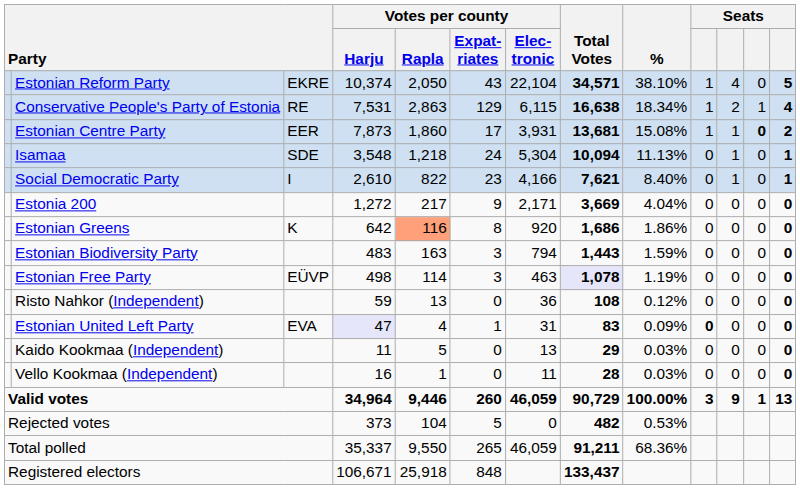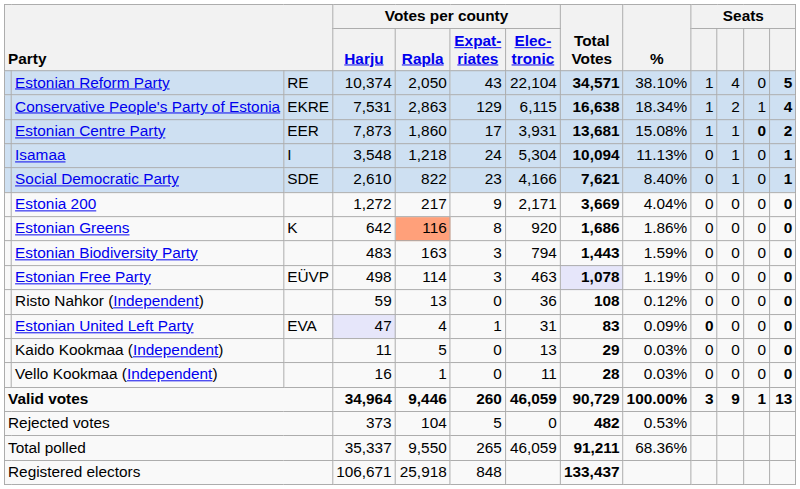 <table class="wikitable" border="1" style="text-align:right;">
 <tr>
 <th style="text-align:left;" valign=bottom rowspan=2 colspan=3>Party</th>
 <th colspan=4>Votes per county</th>
 <th align=center valign=bottom rowspan=2 width="50">Total Votes</th>
 <th align=center valign=bottom rowspan=2 width="50">%</th>
 <th colspan=4>Seats</th>
 </tr>
 <tr>
 <th align=center valign=bottom width="50"><a href='#'>Harju</a></th>
 <th align=center valign=bottom width="50"><a href='#'>Rapla</a></th>
 <th align=center valign=bottom width="50"><a href='#'>Expat- riates</a></th>
 <th align=center valign=bottom width="50"><a href='#'>Elec- tronic</a></th>
 <th align=center valign=bottom width="20"><small></small></th>
 <th align=center valign=bottom width="20"><small></small></th>
 <th align=center valign=bottom width="20"><small></small></th>
 <th align=center valign=bottom width="20"><small></small></th>
 </tr>
 <tr style="background:#CEE0F2;">
 <td style="background:"></td>
 <td align=left><a href='#'>Estonian Reform Party</a></td>
-<td align=left>EKRE</td>
+<td align=left>RE</td>
 <td>10,374</td>
 <td>2,050</td>
 <td>43</td>
 <td>22,104</td>
 <td><strong>34,571</strong></td>
 <td>38.10%</td>
 <td>1</td>
 <td>4</td>
 <td>0</td>
 <td><strong>5</strong></td>
 </tr>
 <tr style="background:#CEE0F2;">
 <td style="background:"></td>
 <td align=left><a href='#'>Conservative People's Party of Estonia</a></td>
-<td align=left>RE</td>
+<td align=left>EKRE</td>
 <td>7,531</td>
 <td>2,863</td>
 <td>129</td>
 <td>6,115</td>
 <td><strong>16,638</strong></td>
 <td>18.34%</td>
 <td>1</td>
 <td>2</td>
 <td>1</td>
 <td><strong>4</strong></td>
 </tr>
 <tr style="background:#CEE0F2;">
 <td style="background:"></td>
 <td align=left><a href='#'>Estonian Centre Party</a></td>
 <td align=left>EER</td>
 <td>7,873</td>
 <td>1,860</td>
 <td>17</td>
 <td>3,931</td>
 <td><strong>13,681</strong></td>
 <td>15.08%</td>
 <td>1</td>
 <td>1</td>
 <td><strong>0</strong></td>
 <td><strong>2</strong></td>
 </tr>
 <tr style="background:#CEE0F2;">
 <td style="background:"></td>
 <td align=left><a href='#'>Isamaa</a></td>
-<td align=left>SDE</td>
+<td align=left>I</td>
 <td>3,548</td>
 <td>1,218</td>
 <td>24</td>
 <td>5,304</td>
 <td><strong>10,094</strong></td>
 <td>11.13%</td>
 <td>0</td>
 <td>1</td>
 <td>0</td>
 <td><strong>1</strong></td>
 </tr>
 <tr style="background:#CEE0F2;">
 <td style="background:"></td>
 <td align=left><a href='#'>Social Democratic Party</a></td>
-<td align=left>I</td>
+<td align=left>SDE</td>
 <td>2,610</td>
 <td>822</td>
 <td>23</td>
 <td>4,166</td>
 <td><strong>7,621</strong></td>
 <td>8.40%</td>
 <td>0</td>
 <td>1</td>
 <td>0</td>
 <td><strong>1</strong></td>
 </tr>
 <tr>
 <td style="background:"></td>
 <td align=left><a href='#'>Estonia 200</a></td>
 <td></td>
 <td>1,272</td>
 <td>217</td>
 <td>9</td>
 <td>2,171</td>
 <td><strong>3,669</strong></td>
 <td>4.04%</td>
 <td>0</td>
 <td>0</td>
 <td>0</td>
 <td><strong>0</strong></td>
 </tr>
 <tr>
 <td style="background:"></td>
 <td align=left><a href='#'>Estonian Greens</a></td>
 <td align=left>K</td>
 <td>642</td>
 <td style="background: lightsalmon;">116</td>
 <td>8</td>
 <td>920</td>
 <td><strong>1,686</strong></td>
 <td>1.86%</td>
 <td>0</td>
 <td>0</td>
 <td>0</td>
 <td><strong>0</strong></td>
 </tr>
 <tr>
 <td style="background:"></td>
 <td align=left><a href='#'>Estonian Biodiversity Party</a></td>
 <td></td>
 <td>483</td>
 <td>163</td>
 <td>3</td>
 <td>794</td>
 <td><strong>1,443</strong></td>
 <td>1.59%</td>
 <td>0</td>
 <td>0</td>
 <td>0</td>
 <td><strong>0</strong></td>
 </tr>
 <tr>
 <td style="background:"></td>
 <td align=left><a href='#'>Estonian Free Party</a></td>
 <td align=left>EÜVP</td>
 <td>498</td>
 <td>114</td>
 <td>3</td>
 <td>463</td>
 <td style="background: lavender;"><strong>1,078</strong></td>
 <td>1.19%</td>
 <td>0</td>
 <td>0</td>
 <td>0</td>
 <td><strong>0</strong></td>
 </tr>
 <tr>
 <td style="background:"></td>
 <td align=left>Risto Nahkor (<a href='#'>Independent</a>)</td>
 <td></td>
 <td>59</td>
 <td>13</td>
 <td>0</td>
 <td>36</td>
 <td><strong>108</strong></td>
 <td>0.12%</td>
 <td>0</td>
 <td>0</td>
 <td>0</td>
 <td><strong>0</strong></td>
 </tr>
 <tr>
 <td style="background:"></td>
 <td align=left><a href='#'>Estonian United Left Party</a></td>
 <td align=left>EVA</td>
 <td style="background: lavender;">47</td>
 <td>4</td>
 <td>1</td>
 <td>31</td>
 <td><strong>83</strong></td>
 <td>0.09%</td>
 <td><strong>0</strong></td>
 <td>0</td>
 <td>0</td>
 <td><strong>0</strong></td>
 </tr>
 <tr>
 <td style="background:"></td>
 <td align=left>Kaido Kookmaa (<a href='#'>Independent</a>)</td>
 <td></td>
 <td>11</td>
 <td>5</td>
 <td>0</td>
 <td>13</td>
 <td><strong>29</strong></td>
 <td>0.03%</td>
 <td>0</td>
 <td>0</td>
 <td>0</td>
 <td><strong>0</strong></td>
 </tr>
 <tr>
 <td style="background:"></td>
 <td align=left>Vello Kookmaa (<a href='#'>Independent</a>)</td>
 <td></td>
 <td>16</td>
 <td>1</td>
 <td>0</td>
 <td>11</td>
 <td><strong>28</strong></td>
 <td>0.03%</td>
 <td>0</td>
 <td>0</td>
 <td>0</td>
 <td><strong>0</strong></td>
 </tr>
 <tr style="font-weight:bold">
 <td align=left colspan=3>Valid votes</td>
 <td>34,964</td>
 <td>9,446</td>
 <td>260</td>
 <td>46,059</td>
 <td>90,729</td>
 <td>100.00%</td>
 <td>3</td>
 <td>9</td>
 <td>1</td>
 <td>13</td>
 </tr>
 <tr>
 <td align=left colspan=3>Rejected votes</td>
 <td>373</td>
 <td>104</td>
 <td>5</td>
 <td>0</td>
 <td><strong>482</strong></td>
 <td>0.53%</td>
 <td></td>
 <td></td>
 <td></td>
 <td></td>
 </tr>
 <tr>
 <td align=left colspan=3>Total polled</td>
 <td>35,337</td>
 <td>9,550</td>
 <td>265</td>
 <td>46,059</td>
 <td><strong>91,211</strong></td>
 <td>68.36%</td>
 <td></td>
 <td></td>
 <td></td>
 <td></td>
 </tr>
 <tr>
 <td align=left colspan=3>Registered electors</td>
 <td>106,671</td>
 <td>25,918</td>
 <td>848</td>
 <td></td>
 <td><strong>133,437</strong></td>
 <td></td>
 <td></td>
 <td></td>
 <td></td>
 <td></td>
 </tr>
 </table>
